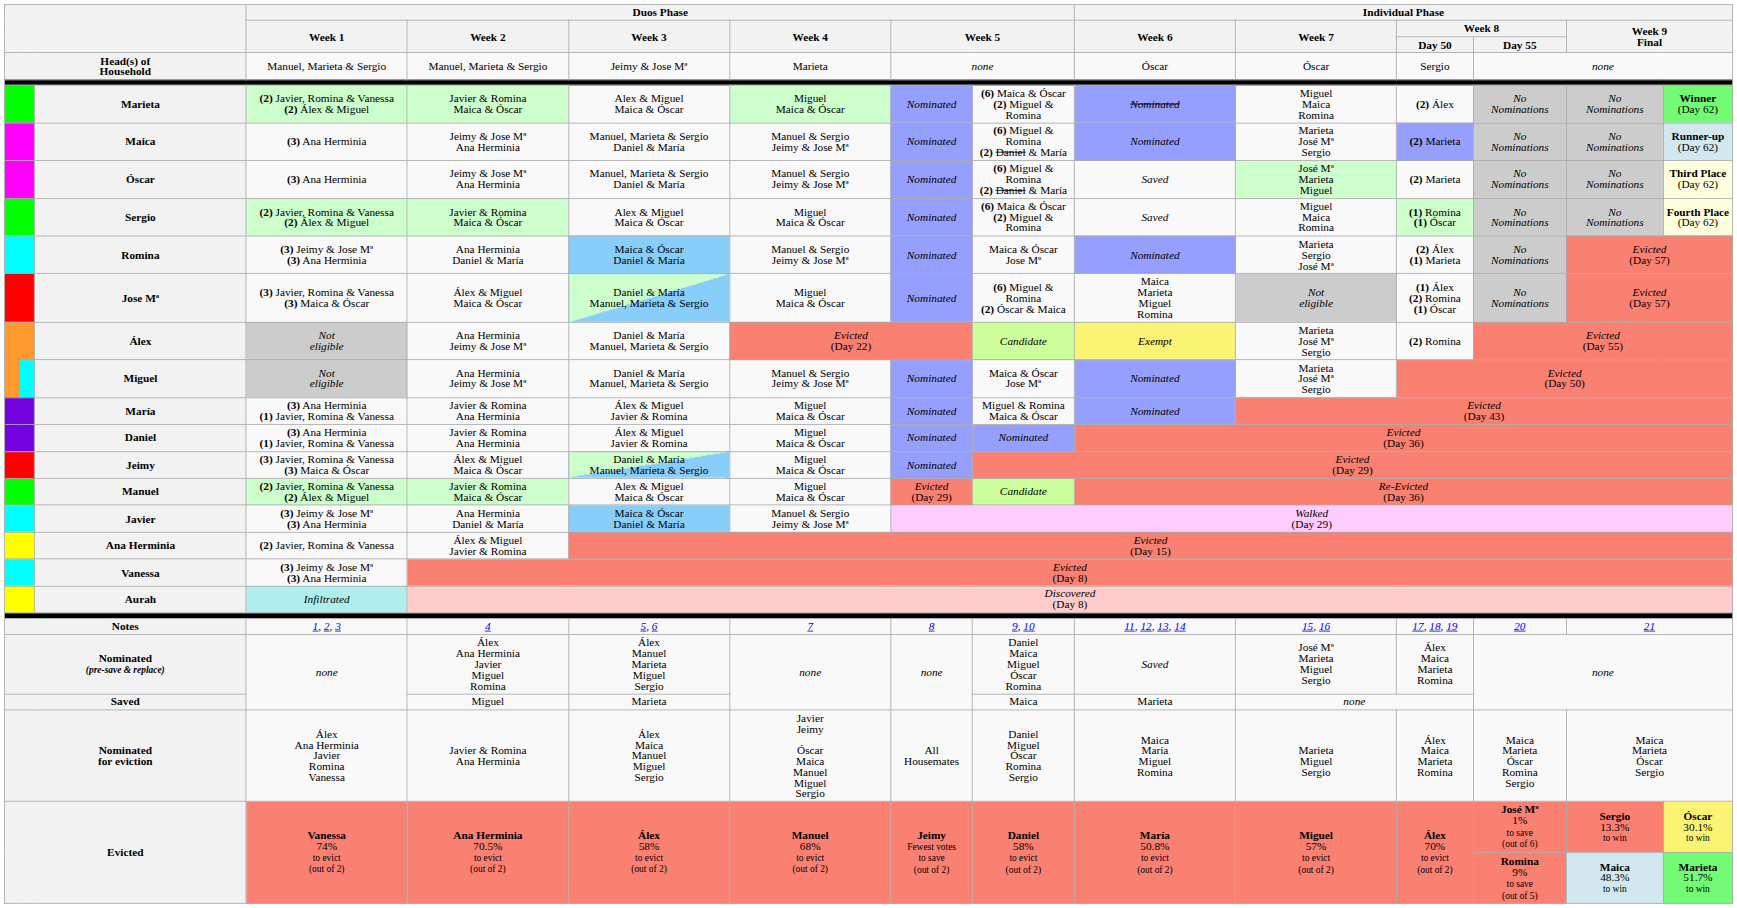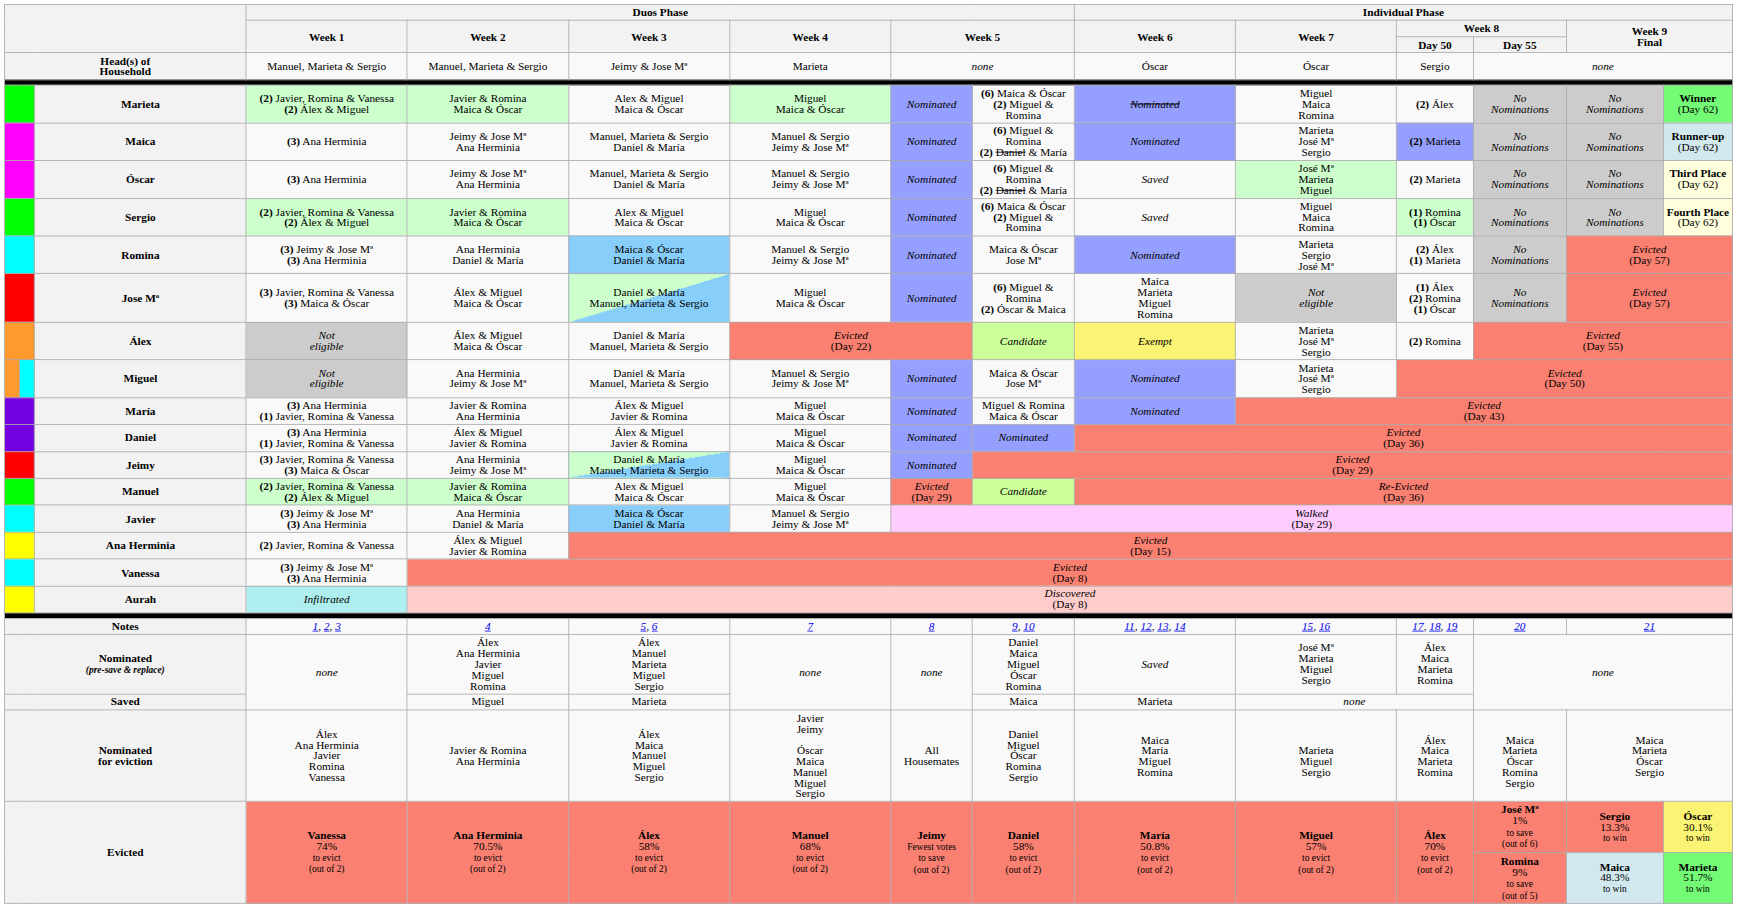 <table class="wikitable" style="text-align:center; font-size:85%; width:105%; line-height:13px">
 <tr>
 <th style="width:9%" colspan="3" rowspan="3"></th>
 <th colspan="6">Duos Phase</th>
 <th colspan="6">Individual Phase</th>
 </tr>
 <tr>
 <th rowspan="2" style="width:6%">Week 1</th>
 <th rowspan="2" style="width:6%">Week 2</th>
 <th rowspan="2" style="width:6%">Week 3</th>
 <th rowspan="2" style="width:6%">Week 4</th>
 <th rowspan="2" style="width:6%" colspan="2">Week 5</th>
 <th rowspan="2" style="width:6%">Week 6</th>
 <th rowspan="2" style="width:6%">Week 7</th>
 <th colspan="2" rowspan="1" style="width:6%">Week 8</th>
 <th rowspan="2" style="width:6%" colspan="2">Week 9<br>Final</th>
 </tr>
 <tr>
 <th>Day 50</th>
 <th>Day 55</th>
 </tr>
 <tr>
 <th colspan="3">Head(s) of<br>Household</th>
 <td>Manuel, Marieta & Sergio</td>
 <td>Manuel, Marieta & Sergio</td>
 <td>Jeimy & Jose Mª</td>
 <td>Marieta</td>
 <td colspan="2"><em>none</em></td>
 <td>Óscar</td>
 <td>Óscar</td>
 <td>Sergio</td>
 <td colspan="3"><em>none</em></td>
 </tr>
 <tr>
 <th colspan="15" style="background:black"></th>
 </tr>
 <tr>
 <td colspan=2 bgcolor="lime"></td>
 <th>Marieta</th>
 <td style="background:#cfc"><strong>(2)</strong> Javier, Romina & Vanessa<br><strong>(2)</strong> Álex & Miguel</td>
 <td style="background:#cfc">Javier & Romina<br>Maica & Óscar</td>
 <td>Alex & Miguel<br>Maica & Óscar</td>
 <td style="background:#cfc">Miguel<br>Maica & Óscar</td>
 <td style="background:#959FFD"><em>Nominated</em></td>
 <td><strong>(6)</strong> Maica & Óscar<br><strong>(2)</strong> Miguel & Romina</td>
 <td style="background:#959FFD"><s><em>Nominated</em></s></td>
 <td>Miguel<br>Maica<br>Romina</td>
 <td><strong>(2)</strong> Álex</td>
 <td style="background:#CCCCCC; text-align:center"><em>No<br>Nominations</em></td>
 <td style="background:#CCCCCC; text-align:center"><em>No<br>Nominations</em></td>
 <td colspan=2 style="background:#73FB76"><strong>Winner</strong><br>(Day 62)</td>
 </tr>
 <tr>
 <td colspan=2 bgcolor="magenta"></td>
 <th>Maica</th>
 <td><strong>(3)</strong> Ana Herminia</td>
 <td>Jeimy & Jose Mª<br>Ana Herminia</td>
 <td>Manuel, Marieta & Sergio<br>Daniel & María</td>
 <td>Manuel & Sergio<br>Jeimy & Jose Mª</td>
 <td style="background:#959FFD"><em>Nominated</em></td>
 <td><strong>(6)</strong> Miguel & Romina<br><strong>(2)</strong> <s>Daniel</s> & María</td>
 <td style="background:#959FFD"><em>Nominated</em></td>
 <td>Marieta<br>José Mª<br>Sergio</td>
 <td style="background:#959FFD"><strong>(2)</strong> Marieta</td>
 <td style="background:#CCCCCC; text-align:center"><em>No<br>Nominations</em></td>
 <td style="background:#CCCCCC; text-align:center"><em>No<br>Nominations</em></td>
 <td colspan=2 style="background:#D1E8EF"><strong>Runner-up</strong><br>(Day 62)</td>
 </tr>
 <tr>
 <td colspan=2 bgcolor="magenta"></td>
 <th>Óscar</th>
 <td><strong>(3)</strong> Ana Herminia</td>
 <td>Jeimy & Jose Mª<br>Ana Herminia</td>
 <td>Manuel, Marieta & Sergio<br>Daniel & María</td>
 <td>Manuel & Sergio<br>Jeimy & Jose Mª</td>
 <td style="background:#959FFD"><em>Nominated</em></td>
 <td><strong>(6)</strong> Miguel & Romina<br><strong>(2)</strong> <s>Daniel</s> & María</td>
 <td><em>Saved</em></td>
 <td style="background:#cfc">José Mª<br>Marieta<br>Miguel</td>
 <td><strong>(2)</strong> Marieta</td>
 <td style="background:#CCCCCC; text-align:center"><em>No<br>Nominations</em></td>
 <td style="background:#CCCCCC; text-align:center"><em>No<br>Nominations</em></td>
 <td colspan=2 style="background:#ffffdd"><strong>Third Place</strong><br>(Day 62)</td>
 </tr>
 <tr>
 <td colspan=2 bgcolor="lime"></td>
 <th>Sergio</th>
 <td style="background:#cfc"><strong>(2)</strong> Javier, Romina & Vanessa<br><strong>(2)</strong> Álex & Miguel</td>
 <td style="background:#cfc">Javier & Romina<br>Maica & Óscar</td>
 <td>Alex & Miguel<br>Maica & Óscar</td>
 <td>Miguel<br>Maica & Óscar</td>
 <td style="background:#959FFD"><em>Nominated</em></td>
 <td><strong>(6)</strong> Maica & Óscar<br><strong>(2)</strong> Miguel & Romina</td>
 <td><em>Saved</em></td>
 <td>Miguel<br>Maica<br>Romina</td>
 <td style="background:#cfc"><strong>(1)</strong> Romina<br><strong>(1)</strong> Óscar</td>
 <td style="background:#CCCCCC; text-align:center"><em>No<br>Nominations</em></td>
 <td style="background:#CCCCCC; text-align:center"><em>No<br>Nominations</em></td>
 <td colspan=2 style="background:#ffffdd"><strong>Fourth Place</strong><br>(Day 62)</td>
 </tr>
 <tr>
 <td colspan=2 bgcolor="cyan"></td>
 <th>Romina</th>
 <td><strong>(3)</strong> Jeimy & Jose Mª<br><strong>(3)</strong> Ana Herminia</td>
 <td>Ana Herminia<br>Daniel & María</td>
 <td style="background:#87CEFA">Maica & Óscar<br>Daniel & María</td>
 <td>Manuel & Sergio<br>Jeimy & Jose Mª</td>
 <td style="background:#959FFD"><em>Nominated</em></td>
 <td>Maica & Óscar<br>Jose Mª</td>
 <td style="background:#959FFD"><em>Nominated</em></td>
 <td>Marieta<br>Sergio<br>José Mª</td>
 <td><strong>(2)</strong> Álex<br><strong>(1)</strong> Marieta<br></td>
 <td style="background:#CCCCCC; text-align:center"><em>No<br>Nominations</em></td>
 <td colspan="2" style="background:#FA8072"><em>Evicted</em><br>(Day 57)</td>
 </tr>
 <tr>
 <td colspan=2 bgcolor="red"></td>
 <th>Jose Mª</th>
 <td><strong>(3)</strong> Javier, Romina & Vanessa<br><strong>(3)</strong> Maica & Óscar</td>
 <td>Álex & Miguel<br>Maica & Óscar</td>
 <td style="background-image: linear-gradient(to right bottom, #cfc 50%, #87CEFA 50%);">Daniel & María<br>Manuel, Marieta & Sergio</td>
 <td>Miguel<br>Maica & Óscar</td>
 <td style="background:#959FFD"><em>Nominated</em></td>
 <td><strong>(6)</strong> Miguel & Romina<br><strong>(2)</strong> Óscar & Maica</td>
 <td>Maica<br>Marieta<br>Miguel<br>Romina</td>
 <td style="background:#CCC"><em>Not<br>eligible</em></td>
 <td><strong>(1)</strong> Álex<br><strong>(2)</strong> Romina<br><strong>(1)</strong> Óscar</td>
 <td style="background:#CCCCCC; text-align:center"><em>No<br>Nominations</em></td>
 <td colspan="2" style="background:#FA8072"><em>Evicted</em><br>(Day 57)</td>
 </tr>
 <tr>
 <td colspan=2 bgcolor="#FE9A2E"></td>
 <th>Álex</th>
 <td style="background:#CCC"><em>Not<br>eligible</em></td>
-<td>Ana Herminia<br>Jeimy & Jose Mª</td>
+<td>Álex & Miguel<br>Maica & Óscar</td>
 <td>Daniel & María<br>Manuel, Marieta & Sergio</td>
 <td colspan="2" style="background:#FA8072"><em>Evicted</em><br>(Day 22)</td>
 <td style="background:rgb(204, 255, 153)"><em>Candidate</em></td>
 <td style="background:#FBF373"><em>Exempt</em></td>
 <td>Marieta<br>José Mª<br>Sergio</td>
 <td><strong>(2)</strong> Romina</td>
 <td colspan="3" style="background:#FA8072"><em>Evicted</em><br>(Day 55)</td>
 </tr>
 <tr>
 <td bgcolor="#FE9A2E"></td>
 <td bgcolor="cyan"></td>
 <th>Miguel</th>
 <td style="background:#CCC"><em>Not<br>eligible</em></td>
 <td>Ana Herminia<br>Jeimy & Jose Mª</td>
 <td>Daniel & María<br>Manuel, Marieta & Sergio</td>
 <td>Manuel & Sergio<br>Jeimy & Jose Mª</td>
 <td style="background:#959FFD"><em>Nominated</em></td>
 <td>Maica & Óscar<br>Jose Mª</td>
 <td style="background:#959FFD"><em>Nominated</em></td>
 <td>Marieta<br>José Mª<br>Sergio</td>
 <td colspan="4" style="background:#FA8072"><em>Evicted</em><br>(Day 50)</td>
 </tr>
 <tr>
 <td colspan=2 bgcolor="#7401DF"></td>
 <th>María</th>
 <td><strong>(3)</strong> Ana Herminia<br> <strong>(1)</strong> Javier, Romina & Vanessa</td>
 <td>Javier & Romina<br>Ana Herminia</td>
 <td>Álex & Miguel<br>Javier & Romina</td>
 <td>Miguel<br>Maica & Óscar</td>
 <td style="background:#959FFD"><em>Nominated</em></td>
 <td>Miguel & Romina<br>Maica & Óscar</td>
 <td style="background:#959FFD"><em>Nominated</em></td>
 <td colspan="5" style="background:#FA8072"><em>Evicted</em><br>(Day 43)</td>
 </tr>
 <tr>
 <td colspan=2 bgcolor="#7401DF"></td>
 <th>Daniel</th>
 <td><strong>(3)</strong> Ana Herminia<br> <strong>(1)</strong> Javier, Romina & Vanessa</td>
-<td>Javier & Romina<br>Ana Herminia</td>
+<td>Álex & Miguel<br>Javier & Romina</td>
 <td>Álex & Miguel<br>Javier & Romina</td>
 <td>Miguel<br>Maica & Óscar</td>
 <td style="background:#959FFD"><em>Nominated</em></td>
 <td style="background:#959FFD"><em>Nominated</em></td>
 <td colspan="6" style="background:#FA8072"><em>Evicted</em><br>(Day 36)</td>
 </tr>
 <tr>
 <td colspan=2 bgcolor="red"></td>
 <th>Jeimy</th>
 <td><strong>(3)</strong> Javier, Romina & Vanessa<br><strong>(3)</strong> Maica & Óscar</td>
-<td>Álex & Miguel<br>Maica & Óscar</td>
+<td>Ana Herminia<br>Jeimy & Jose Mª</td>
 <td style="background-image: linear-gradient(to right bottom, #cfc 50%, #87CEFA 50%);">Daniel & María<br>Manuel, Marieta & Sergio</td>
 <td>Miguel<br>Maica & Óscar</td>
 <td style="background:#959FFD"><em>Nominated</em></td>
 <td colspan="7" style="background:#FA8072"><em>Evicted</em><br>(Day 29)</td>
 </tr>
 <tr>
 <td colspan=2 bgcolor="lime"></td>
 <th>Manuel</th>
 <td style="background:#cfc"><strong>(2)</strong> Javier, Romina & Vanessa<br><strong>(2)</strong> Álex & Miguel</td>
 <td style="background:#cfc">Javier & Romina<br>Maica & Óscar</td>
 <td>Alex & Miguel<br>Maica & Óscar</td>
 <td>Miguel<br>Maica & Óscar</td>
 <td colspan="1" style="background:#FA8072"><em>Evicted</em><br>(Day 29)</td>
 <td style="background:rgb(204, 255, 153)"><em>Candidate</em></td>
 <td colspan="6" style="background:#FA8072"><em>Re-Evicted</em><br>(Day 36)</td>
 </tr>
 <tr>
 <td colspan=2 bgcolor="cyan"></td>
 <th>Javier</th>
 <td><strong>(3)</strong> Jeimy & Jose Mª<br><strong>(3)</strong> Ana Herminia</td>
 <td>Ana Herminia<br>Daniel & María</td>
 <td style="background:#87CEFA">Maica & Óscar<br>Daniel & María</td>
 <td>Manuel & Sergio<br>Jeimy & Jose Mª</td>
 <td colspan="8" style="background:#fcf"><em>Walked</em><br>(Day 29)</td>
 </tr>
 <tr>
 <td colspan=2 bgcolor="yellow"></td>
 <th>Ana Herminia</th>
 <td><strong>(2)</strong> Javier, Romina & Vanessa</td>
 <td>Álex & Miguel<br>Javier & Romina</td>
 <td colspan="10" style="background:#FA8072"><em>Evicted</em><br>(Day 15)</td>
 </tr>
 <tr>
 <td colspan=2 bgcolor="cyan"></td>
 <th>Vanessa</th>
 <td><strong>(3)</strong> Jeimy & Jose Mª<br><strong>(3)</strong> Ana Herminia</td>
 <td colspan="11" style="background:#FA8072"><em>Evicted</em><br>(Day 8)</td>
 </tr>
 <tr>
 <td colspan=2 bgcolor="yellow"></td>
 <th>Aurah</th>
 <td style="background:#AFEEEE; text-align:center"><em>Infiltrated</em></td>
 <td colspan="11" style="background:#ffcccc;"><em>Discovered</em><br> (Day 8)</td>
 </tr>
 <tr>
 <th colspan="15" style="background:black"></th>
 </tr>
 <tr>
 <th colspan="3">Notes</th>
 <td><em><a href='#'>1</a></em>, <em><a href='#'>2</a></em>, <em><a href='#'>3</a></em></td>
 <td><em><a href='#'>4</a></em></td>
 <td><em><a href='#'>5</a></em>, <em><a href='#'>6</a></em></td>
 <td><em><a href='#'>7</a></em></td>
 <td><em><a href='#'>8</a></em></td>
 <td><em><a href='#'>9</a></em>, <em><a href='#'>10</a></em></td>
 <td><em><a href='#'>11</a></em>, <em><a href='#'>12</a></em>, <em><a href='#'>13</a></em>, <em><a href='#'>14</a></em></td>
 <td><em><a href='#'>15</a></em>, <em><a href='#'>16</a></em></td>
 <td><em><a href='#'>17</a></em>, <em><a href='#'>18</a></em>, <em><a href='#'>19</a></em></td>
 <td><em><a href='#'>20</a></em></td>
 <td colspan="2"><em><a href='#'>21</a></em></td>
 </tr>
 <tr>
 <th colspan="3">Nominated<br><small><em>(pre-save & replace)</em></small></th>
 <td rowspan="2"><em>none</em></td>
 <td>Álex<br>Ana Herminia<br>Javier<br>Miguel<br>Romina</td>
 <td>Álex<br>Manuel<br>Marieta<br>Miguel<br>Sergio</td>
 <td rowspan="2"><em>none</em></td>
 <td rowspan="2"><em>none</em></td>
 <td>Daniel<br>Maica<br>Miguel<br>Óscar<br>Romina</td>
 <td><em>Saved</em></td>
 <td>José Mª<br>Marieta<br>Miguel<br>Sergio</td>
 <td>Álex<br>Maica<br>Marieta<br>Romina</td>
 <td rowspan="2" colspan="3"><em>none</em></td>
 </tr>
 <tr>
 <th colspan="3">Saved</th>
 <td>Miguel</td>
 <td>Marieta</td>
 <td>Maica</td>
 <td>Marieta</td>
 <td colspan="2"><em>none</em></td>
 </tr>
 <tr>
 <th colspan="3">Nominated<br>for eviction</th>
 <td>Álex<br>Ana Herminia<br>Javier<br>Romina<br>Vanessa</td>
 <td>Javier & Romina<br>Ana Herminia</td>
 <td>Álex<br>Maica<br>Manuel<br>Miguel<br>Sergio</td>
 <td>Javier<br>Jeimy<br><br>Óscar<br>Maica<br>Manuel<br>Miguel<br>Sergio</td>
 <td>All<br>Housemates</td>
 <td>Daniel<br>Miguel<br>Óscar<br>Romina<br>Sergio</td>
 <td>Maica<br>María<br>Miguel<br>Romina</td>
 <td><br>Marieta<br>Miguel<br>Sergio</td>
 <td>Álex<br>Maica<br>Marieta<br>Romina</td>
 <td><br>Maica<br>Marieta<br>Óscar<br>Romina<br>Sergio</td>
 <td colspan="2">Maica<br>Marieta<br>Óscar<br>Sergio</td>
 </tr>
 <tr>
 <th colspan="3" rowspan="2">Evicted</th>
 <td rowspan="2" style="background:#FA8072"><strong>Vanessa</strong><br>74%<br><small>to evict<br>(out of 2)</small></td>
 <td rowspan="2" style="background:#FA8072"><strong>Ana Herminia</strong><br>70.5%<br><small>to evict<br>(out of 2)</small></td>
 <td rowspan="2" style="background:#FA8072"><strong>Álex</strong><br>58%<br><small>to evict<br>(out of 2)</small></td>
 <td rowspan="2" style="background:#FA8072"><strong>Manuel</strong><br>68%<br><small>to evict<br>(out of 2)</small></td>
 <td rowspan="2" style="background:#FA8072"><strong>Jeimy</strong><br><small>Fewest votes<br>to save<br>(out of 2)</small></td>
 <td rowspan="2" style="background:#FA8072"><strong>Daniel</strong><br>58%<small><br>to evict<br>(out of 2)</small></td>
 <td rowspan="2" style="background:#FA8072"><strong>María</strong><br>50.8%<small><br>to evict<br>(out of 2)</small></td>
 <td rowspan="2" style="background:#FA8072"><strong>Miguel</strong><br>57%<small><br>to evict<br>(out of 2)</small></td>
 <td rowspan="2" style="background:#FA8072"><strong>Álex</strong><br>70%<small><br>to evict<br>(out of 2)</small></td>
 <td style="background:#FA8072"><strong>José Mª</strong><br>1%<small><br>to save<br>(out of 6)</small></td>
 <td style="background:#FA8072"><strong>Sergio</strong><br>13.3%<br><small>to win<br></small></td>
 <td style="background:#FBF373"><strong>Óscar</strong><br>30.1%<br><small>to win<br></small></td>
 </tr>
 <tr>
 <td style="background:#FA8072"><strong>Romina</strong><br>9%<small><br>to save<br>(out of 5)</small></td>
 <td style="background:#D1E8EF"><strong>Maica</strong><br>48.3%<br><small>to win<br></small></td>
 <td style="background:#73FB76"><strong>Marieta</strong><br>51.7%<br><small>to win<br></small></td>
 </tr>
 </table>
